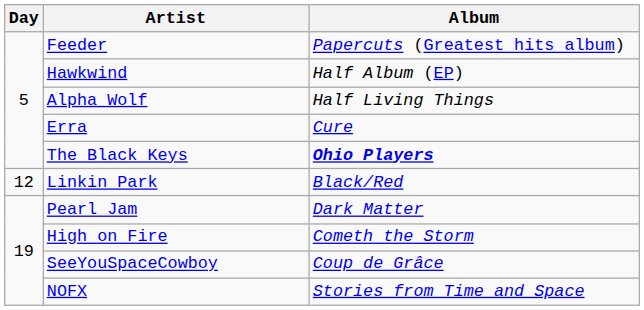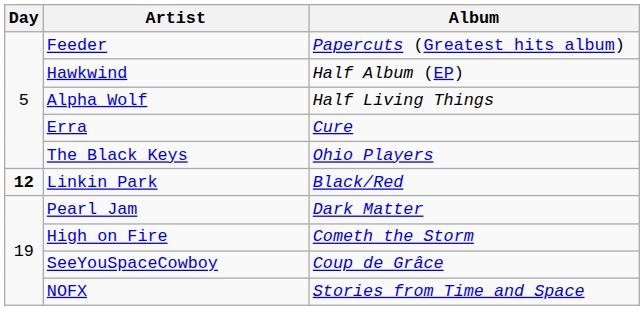 <table class="wikitable" id="table_April">
 <tr>
 <th style="width:20px;">Day</th>
 <th style="width:200px;">Artist</th>
 <th style="width:250px;">Album</th>
 </tr>
 <tr>
 <td style="text-align:center;" rowspan="5">5</td>
 <td><a href='#'>Feeder</a></td>
 <td><em><a href='#'>Papercuts</a></em> (<a href='#'>Greatest hits album</a>)</td>
 </tr>
 <tr>
 <td><a href='#'>Hawkwind</a></td>
 <td><em>Half Album</em> (<a href='#'>EP</a>)</td>
 </tr>
 <tr>
 <td><a href='#'>Alpha Wolf</a></td>
 <td><em>Half Living Things</em></td>
 </tr>
 <tr>
 <td><a href='#'>Erra</a></td>
 <td><em><a href='#'>Cure</a></em></td>
 </tr>
 <tr>
 <td><a href='#'>The Black Keys</a></td>
-<td><strong><em><a href='#'>Ohio Players</a></em></strong></td>
+<td><em><a href='#'>Ohio Players</a></em></td>
 </tr>
 <tr>
-<td style="text-align:center;" rowspan="1">12</td>
+<td style="text-align:center;" rowspan="1"><strong>12</strong></td>
 <td><a href='#'>Linkin Park</a></td>
 <td><em><a href='#'>Black/Red</a></em></td>
 </tr>
 <tr>
 <td style="text-align:center;" rowspan="4">19</td>
 <td><a href='#'>Pearl Jam</a></td>
 <td><em><a href='#'>Dark Matter</a></em></td>
 </tr>
 <tr>
 <td><a href='#'>High on Fire</a></td>
 <td><em><a href='#'>Cometh the Storm</a></em></td>
 </tr>
 <tr>
 <td><a href='#'>SeeYouSpaceCowboy</a></td>
 <td><em><a href='#'>Coup de Grâce</a></em></td>
 </tr>
 <tr>
 <td><a href='#'>NOFX</a></td>
 <td><em><a href='#'>Stories from Time and Space</a></em></td>
 </tr>
 </table>
